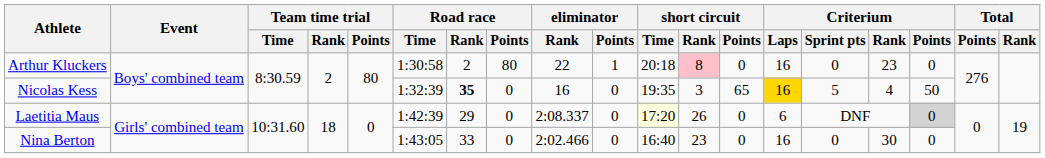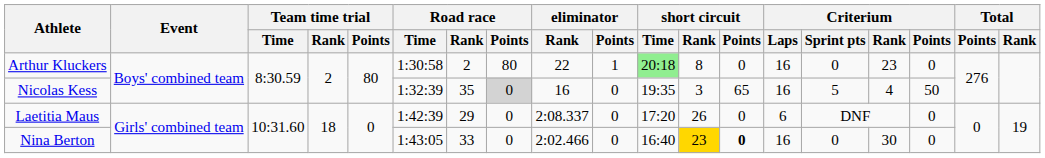 <table class="wikitable" style="text-align:center; font-size:90%;">
 <tr>
 <th rowspan="2">Athlete</th>
 <th rowspan="2">Event</th>
 <th colspan="3">Team time trial</th>
 <th colspan="3">Road race</th>
 <th colspan="2"> eliminator</th>
 <th colspan="3"> short circuit</th>
 <th colspan="4">Criterium</th>
 <th colspan="2">Total</th>
 </tr>
 <tr style="font-size:95%;">
 <th>Time</th>
 <th>Rank</th>
 <th>Points</th>
 <th>Time</th>
 <th>Rank</th>
 <th>Points</th>
 <th>Rank</th>
 <th>Points</th>
 <th>Time</th>
 <th>Rank</th>
 <th>Points</th>
 <th>Laps</th>
 <th>Sprint pts</th>
 <th>Rank</th>
 <th>Points</th>
 <th>Points</th>
 <th>Rank</th>
 </tr>
 <tr>
 <td><a href='#'>Arthur Kluckers</a></td>
 <td rowspan=2><a href='#'>Boys' combined team</a></td>
 <td rowspan=2>8:30.59</td>
 <td rowspan=2>2</td>
 <td rowspan=2>80</td>
 <td>1:30:58</td>
 <td>2</td>
 <td>80</td>
 <td>22</td>
 <td>1</td>
-<td>20:18</td>
-<td style="background: pink;">8</td>
+<td style="background: lightgreen;">20:18</td>
+<td>8</td>
 <td>0</td>
 <td>16</td>
 <td>0</td>
 <td>23</td>
 <td>0</td>
 <td rowspan=2>276</td>
 <td rowspan=2></td>
 </tr>
 <tr>
 <td><a href='#'>Nicolas Kess</a></td>
 <td>1:32:39</td>
-<td><strong>35</strong></td>
-<td>0</td>
+<td>35</td>
+<td style="background: lightgrey;">0</td>
 <td>16</td>
 <td>0</td>
 <td>19:35</td>
 <td>3</td>
 <td>65</td>
-<td style="background: gold;">16</td>
+<td>16</td>
 <td>5</td>
 <td>4</td>
 <td>50</td>
 </tr>
 <tr>
 <td><a href='#'>Laetitia Maus</a></td>
 <td rowspan=2><a href='#'>Girls' combined team</a></td>
 <td rowspan=2>10:31.60</td>
 <td rowspan=2>18</td>
 <td rowspan=2>0</td>
 <td>1:42:39</td>
 <td>29</td>
 <td>0</td>
 <td>2:08.337</td>
 <td>0</td>
-<td style="background: lightyellow;">17:20</td>
+<td>17:20</td>
 <td>26</td>
 <td>0</td>
 <td>6</td>
 <td colspan=2>DNF</td>
-<td style="background: lightgrey;">0</td>
+<td>0</td>
 <td rowspan=2>0</td>
 <td rowspan=2>19</td>
 </tr>
 <tr>
 <td><a href='#'>Nina Berton</a></td>
 <td>1:43:05</td>
 <td>33</td>
 <td>0</td>
 <td>2:02.466</td>
 <td>0</td>
 <td>16:40</td>
-<td>23</td>
-<td>0</td>
+<td style="background: gold;">23</td>
+<td><strong>0</strong></td>
 <td>16</td>
 <td>0</td>
 <td>30</td>
 <td>0</td>
 </tr>
 </table>
